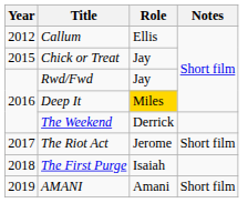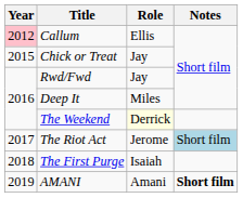 <table class="wikitable sortable">
 <tr>
 <th>Year</th>
 <th>Title</th>
 <th>Role</th>
 <th class="unsortable">Notes</th>
 </tr>
 <tr>
-<td>2012</td>
+<td style="background: pink;">2012</td>
 <td><em>Callum</em></td>
 <td>Ellis</td>
 <td rowspan=4><a href='#'>Short film</a></td>
 </tr>
 <tr>
 <td>2015</td>
 <td><em>Chick or Treat</em></td>
 <td>Jay</td>
 </tr>
 <tr>
 <td rowspan="3">2016</td>
 <td><em>Rwd/Fwd</em></td>
 <td>Jay</td>
 </tr>
 <tr>
 <td><em>Deep It</em></td>
-<td style="background: gold;">Miles</td>
+<td>Miles</td>
 </tr>
 <tr>
 <td><em><a href='#'>The Weekend</a></em></td>
-<td>Derrick</td>
+<td style="background: lightyellow;">Derrick</td>
 <td></td>
 </tr>
 <tr>
 <td>2017</td>
 <td><em>The Riot Act</em></td>
 <td>Jerome</td>
-<td rowspan=1>Short film</td>
+<td rowspan=1 style="background: lightblue;">Short film</td>
 </tr>
 <tr>
 <td rowspan="1">2018</td>
 <td><em><a href='#'>The First Purge</a></em></td>
 <td>Isaiah</td>
 <td></td>
 </tr>
 <tr>
 <td>2019</td>
 <td><em>AMANI</em></td>
 <td>Amani</td>
-<td>Short film</td>
+<td><strong>Short film</strong></td>
 </tr>
 </table>
